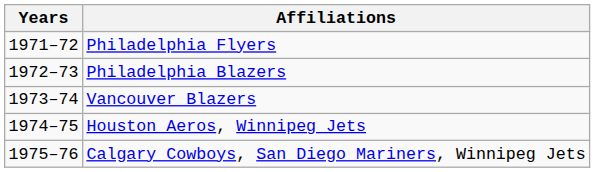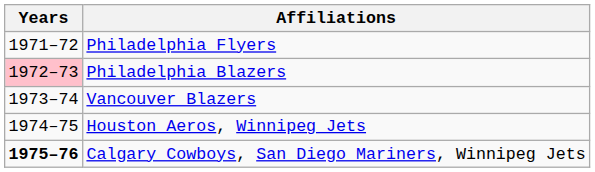 <table class="wikitable">
 <tr>
 <th>Years</th>
 <th>Affiliations</th>
 </tr>
 <tr>
 <td>1971–72</td>
 <td><a href='#'>Philadelphia Flyers</a></td>
 </tr>
 <tr>
-<td>1972–73</td>
+<td style="background: pink;">1972–73</td>
 <td><a href='#'>Philadelphia Blazers</a></td>
 </tr>
 <tr>
 <td>1973–74</td>
 <td><a href='#'>Vancouver Blazers</a></td>
 </tr>
 <tr>
 <td>1974–75</td>
 <td><a href='#'>Houston Aeros</a>, <a href='#'>Winnipeg Jets</a></td>
 </tr>
 <tr>
-<td>1975–76</td>
+<td><strong>1975–76</strong></td>
 <td><a href='#'>Calgary Cowboys</a>, <a href='#'>San Diego Mariners</a>, Winnipeg Jets</td>
 </tr>
 </table>
